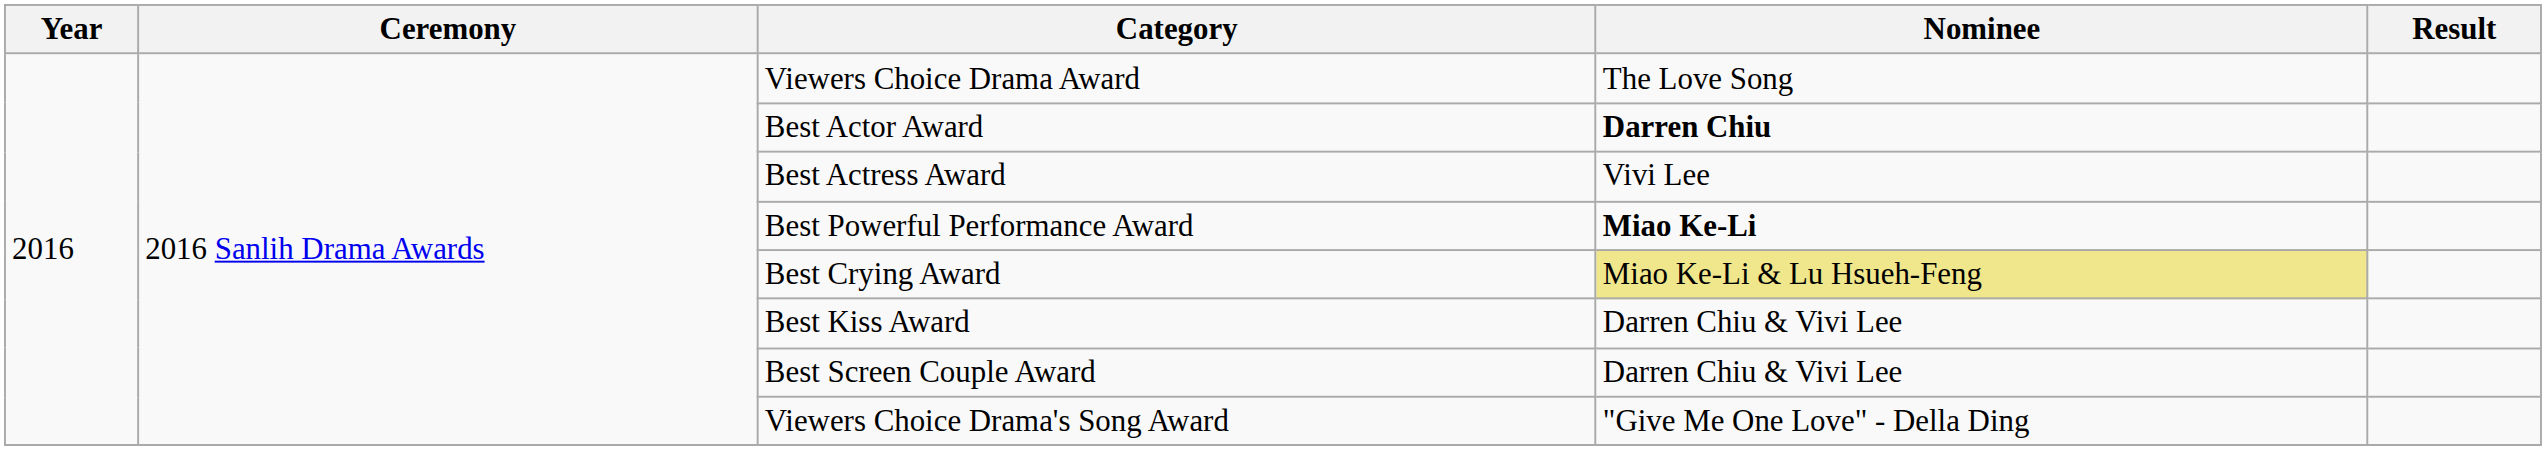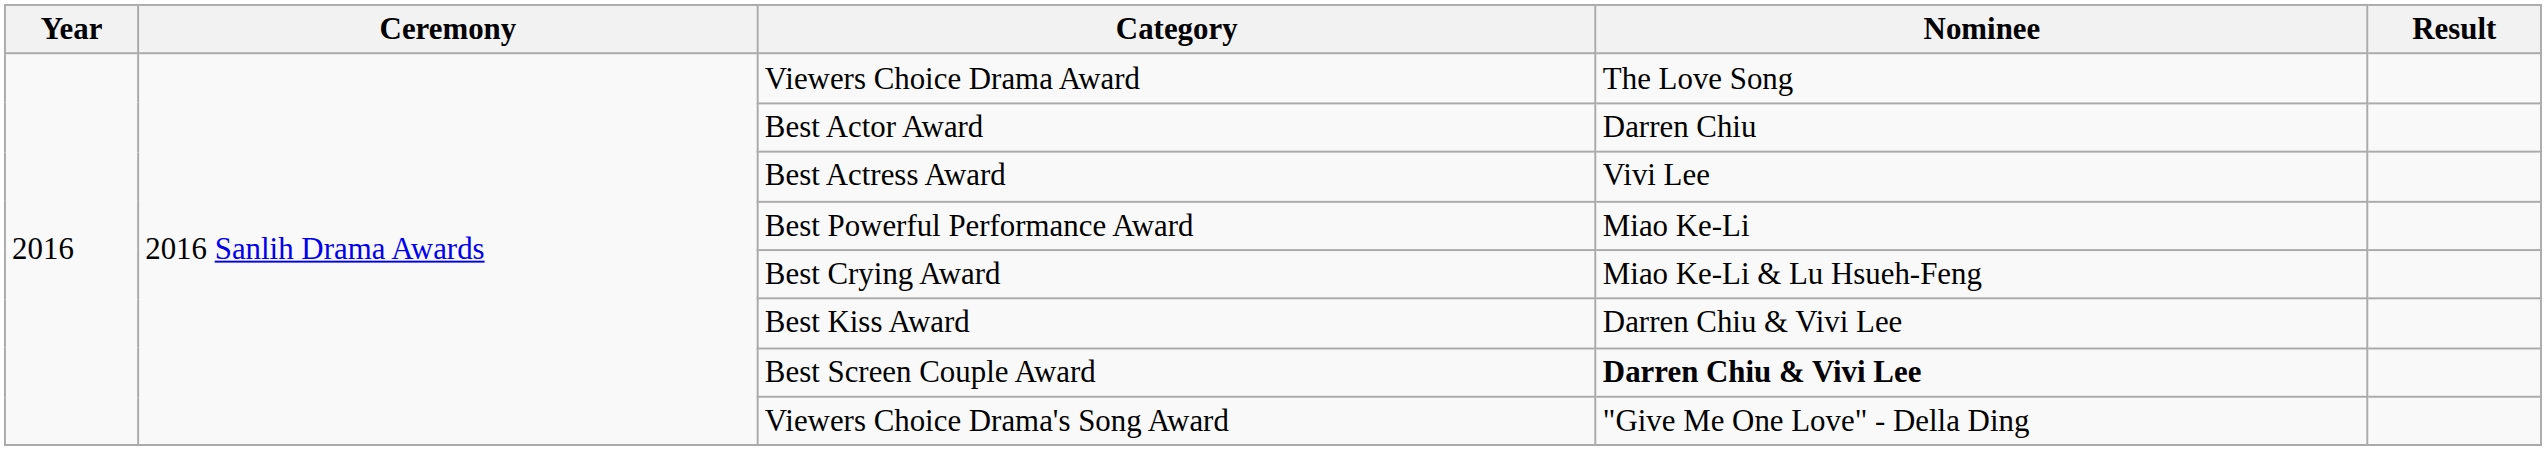 <table class="wikitable" width="83%">
 <tr>
 <th>Year</th>
 <th>Ceremony</th>
 <th>Category</th>
 <th>Nominee</th>
 <th>Result</th>
 </tr>
 <tr>
 <td rowspan=8>2016</td>
 <td rowspan=8>2016 <a href='#'>Sanlih Drama Awards</a></td>
 <td>Viewers Choice Drama Award</td>
 <td>The Love Song</td>
 <td></td>
 </tr>
 <tr>
 <td>Best Actor Award</td>
-<td><strong>Darren Chiu</strong></td>
+<td>Darren Chiu</td>
 <td></td>
 </tr>
 <tr>
 <td>Best Actress Award</td>
 <td>Vivi Lee</td>
 <td></td>
 </tr>
 <tr>
 <td>Best Powerful Performance Award</td>
-<td><strong>Miao Ke-Li</strong></td>
+<td>Miao Ke-Li</td>
 <td></td>
 </tr>
 <tr>
 <td>Best Crying Award</td>
-<td style="background: khaki;">Miao Ke-Li & Lu Hsueh-Feng</td>
+<td>Miao Ke-Li & Lu Hsueh-Feng</td>
 <td></td>
 </tr>
 <tr>
 <td>Best Kiss Award</td>
 <td>Darren Chiu & Vivi Lee</td>
 <td></td>
 </tr>
 <tr>
 <td>Best Screen Couple Award</td>
-<td>Darren Chiu & Vivi Lee</td>
+<td><strong>Darren Chiu & Vivi Lee</strong></td>
 <td></td>
 </tr>
 <tr>
 <td>Viewers Choice Drama's Song Award</td>
 <td>"Give Me One Love" - Della Ding</td>
 <td></td>
 </tr>
 <tr>
 </tr>
 </table>
